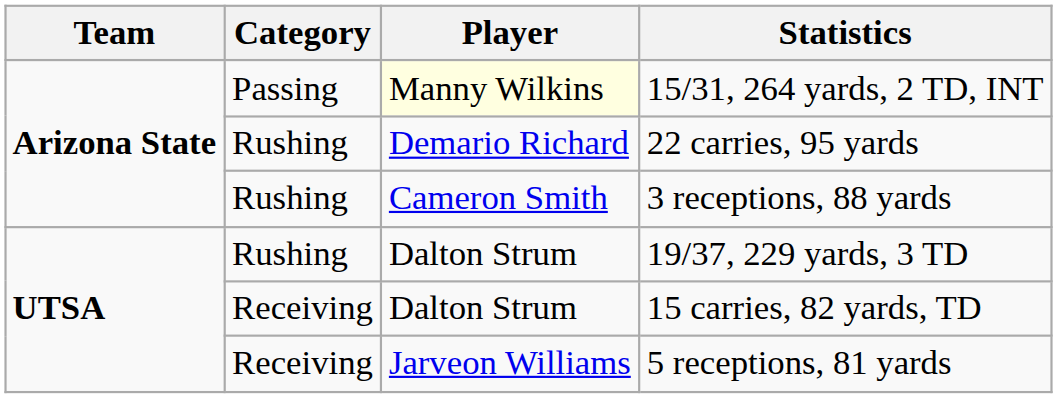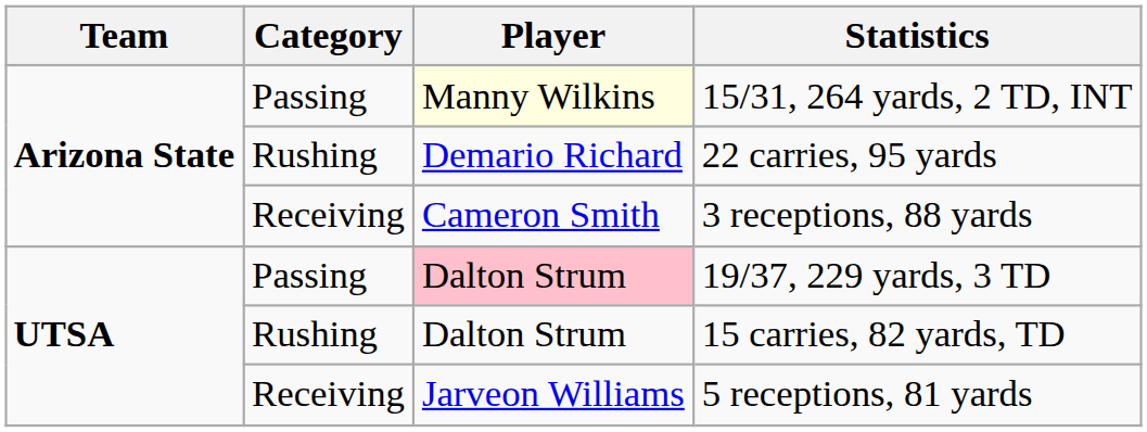 <table class="wikitable" style="float: right;">
 <tr>
 <th>Team</th>
 <th>Category</th>
 <th>Player</th>
 <th>Statistics</th>
 </tr>
 <tr>
 <td rowspan=3><strong>Arizona State</strong></td>
 <td>Passing</td>
 <td style="background: lightyellow;">Manny Wilkins</td>
 <td>15/31, 264 yards, 2 TD, INT</td>
 </tr>
 <tr>
 <td>Rushing</td>
 <td><a href='#'>Demario Richard</a></td>
 <td>22 carries, 95 yards</td>
 </tr>
 <tr>
-<td>Rushing</td>
+<td>Receiving</td>
 <td><a href='#'>Cameron Smith</a></td>
 <td>3 receptions, 88 yards</td>
 </tr>
 <tr>
 <td rowspan=3><strong>UTSA</strong></td>
-<td>Rushing</td>
-<td>Dalton Strum</td>
+<td>Passing</td>
+<td style="background: pink;">Dalton Strum</td>
 <td>19/37, 229 yards, 3 TD</td>
 </tr>
 <tr>
-<td>Receiving</td>
+<td>Rushing</td>
 <td>Dalton Strum</td>
 <td>15 carries, 82 yards, TD</td>
 </tr>
 <tr>
 <td>Receiving</td>
 <td><a href='#'>Jarveon Williams</a></td>
 <td>5 receptions, 81 yards</td>
 </tr>
 </table>
